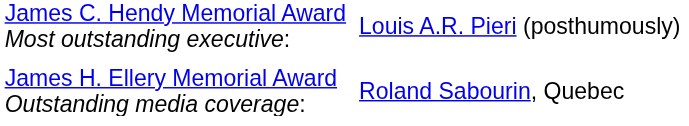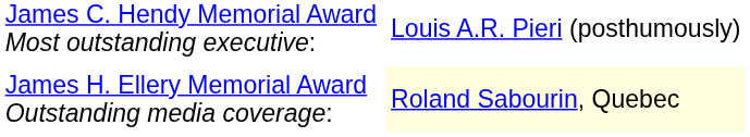 <table cellpadding="3" cellspacing="3">
 <tr>
 <td><a href='#'>James C. Hendy Memorial Award</a><br><em>Most outstanding executive</em>:</td>
 <td><a href='#'>Louis A.R. Pieri</a> (posthumously)</td>
 </tr>
 <tr>
 <td><a href='#'>James H. Ellery Memorial Award</a> <br><em>Outstanding media coverage</em>:</td>
-<td><a href='#'>Roland Sabourin</a>, Quebec</td>
+<td style="background: lightyellow;"><a href='#'>Roland Sabourin</a>, Quebec</td>
 </tr>
 </table>
